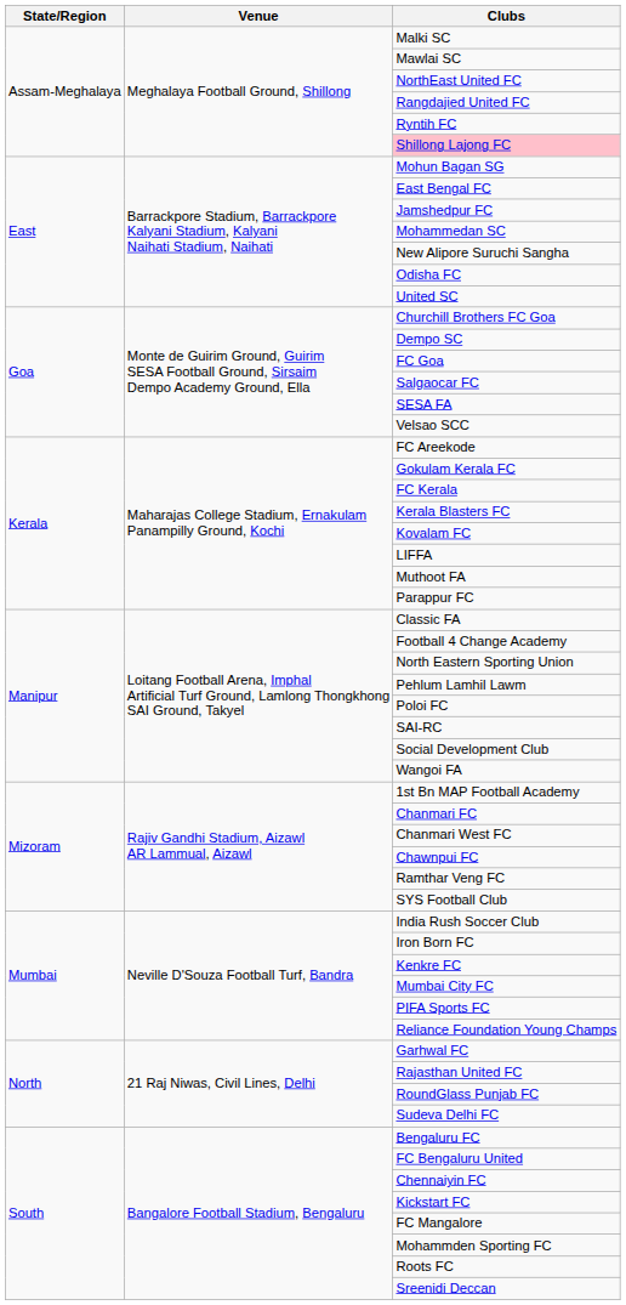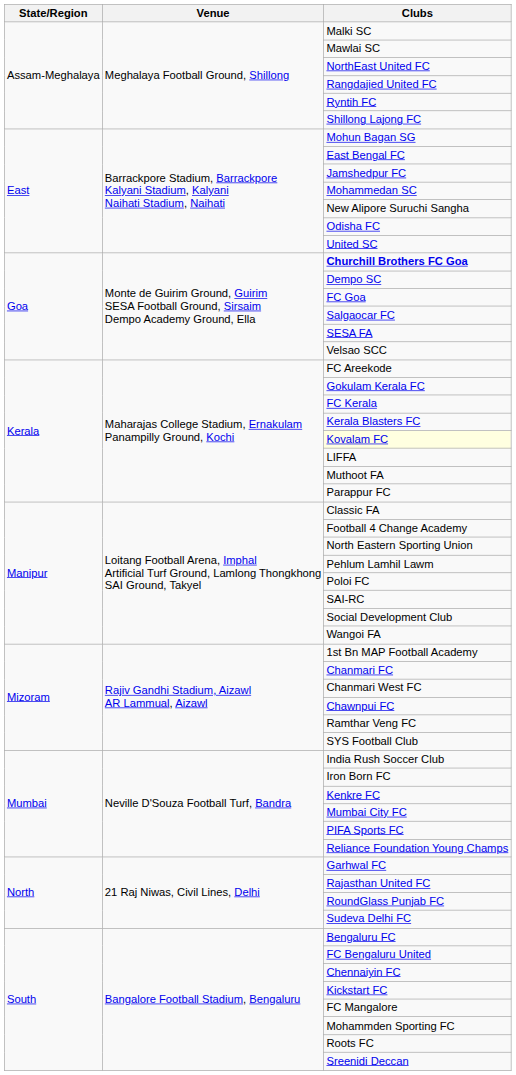 <table class="wikitable sortable">
 <tr>
 <th>State/Region</th>
 <th>Venue</th>
 <th>Clubs</th>
 </tr>
 <tr>
 <td rowspan="6">Assam-Meghalaya</td>
 <td rowspan="6">Meghalaya Football Ground, <a href='#'>Shillong</a></td>
 <td>Malki SC</td>
 </tr>
 <tr>
 <td>Mawlai SC</td>
 </tr>
 <tr>
 <td><a href='#'>NorthEast United FC</a></td>
 </tr>
 <tr>
 <td><a href='#'>Rangdajied United FC</a></td>
 </tr>
 <tr>
 <td><a href='#'>Ryntih FC</a></td>
 </tr>
 <tr>
-<td style="background: pink;"><a href='#'>Shillong Lajong FC</a></td>
+<td><a href='#'>Shillong Lajong FC</a></td>
 </tr>
 <tr>
 <td rowspan="7"><a href='#'>East</a></td>
 <td rowspan="7">Barrackpore Stadium, <a href='#'>Barrackpore</a> <br> <a href='#'>Kalyani Stadium</a>, <a href='#'>Kalyani</a> <br> <a href='#'>Naihati Stadium</a>, <a href='#'>Naihati</a></td>
 <td><a href='#'>Mohun Bagan SG</a></td>
 </tr>
 <tr>
 <td><a href='#'>East Bengal FC</a></td>
 </tr>
 <tr>
 <td><a href='#'>Jamshedpur FC</a></td>
 </tr>
 <tr>
 <td><a href='#'>Mohammedan SC</a></td>
 </tr>
 <tr>
 <td>New Alipore Suruchi Sangha</td>
 </tr>
 <tr>
 <td><a href='#'>Odisha FC</a></td>
 </tr>
 <tr>
 <td><a href='#'>United SC</a></td>
 </tr>
 <tr>
 <td rowspan="6"><a href='#'>Goa</a></td>
 <td rowspan="6">Monte de Guirim Ground, <a href='#'>Guirim</a> <br> SESA Football Ground, <a href='#'>Sirsaim</a> <br> Dempo Academy Ground, Ella</td>
-<td><a href='#'>Churchill Brothers FC Goa</a></td>
+<td><strong><a href='#'>Churchill Brothers FC Goa</a></strong></td>
 </tr>
 <tr>
 <td><a href='#'>Dempo SC</a></td>
 </tr>
 <tr>
 <td><a href='#'>FC Goa</a></td>
 </tr>
 <tr>
 <td><a href='#'>Salgaocar FC</a></td>
 </tr>
 <tr>
 <td><a href='#'>SESA FA</a></td>
 </tr>
 <tr>
 <td>Velsao SCC</td>
 </tr>
 <tr>
 <td rowspan="8"><a href='#'>Kerala</a></td>
 <td rowspan="8">Maharajas College Stadium, <a href='#'>Ernakulam</a> <br> Panampilly Ground, <a href='#'>Kochi</a></td>
 <td>FC Areekode</td>
 </tr>
 <tr>
 <td><a href='#'>Gokulam Kerala FC</a></td>
 </tr>
 <tr>
 <td><a href='#'>FC Kerala</a></td>
 </tr>
 <tr>
 <td><a href='#'>Kerala Blasters FC</a></td>
 </tr>
 <tr>
-<td><a href='#'>Kovalam FC</a></td>
+<td style="background: lightyellow;"><a href='#'>Kovalam FC</a></td>
 </tr>
 <tr>
 <td>LIFFA</td>
 </tr>
 <tr>
 <td>Muthoot FA</td>
 </tr>
 <tr>
 <td>Parappur FC</td>
 </tr>
 <tr>
 <td rowspan="8"><a href='#'>Manipur</a></td>
 <td rowspan="8">Loitang Football Arena, <a href='#'>Imphal</a> <br> Artificial Turf Ground, Lamlong Thongkhong <br> SAI Ground, Takyel</td>
 <td>Classic FA</td>
 </tr>
 <tr>
 <td>Football 4 Change Academy</td>
 </tr>
 <tr>
 <td>North Eastern Sporting Union</td>
 </tr>
 <tr>
 <td>Pehlum Lamhil Lawm</td>
 </tr>
 <tr>
 <td>Poloi FC</td>
 </tr>
 <tr>
 <td>SAI-RC</td>
 </tr>
 <tr>
 <td>Social Development Club</td>
 </tr>
 <tr>
 <td>Wangoi FA</td>
 </tr>
 <tr>
 <td rowspan="6"><a href='#'>Mizoram</a></td>
 <td rowspan="6"><a href='#'>Rajiv Gandhi Stadium, Aizawl</a> <br> <a href='#'>AR Lammual</a>, <a href='#'>Aizawl</a></td>
 <td>1st Bn MAP Football Academy</td>
 </tr>
 <tr>
 <td><a href='#'>Chanmari FC</a></td>
 </tr>
 <tr>
 <td>Chanmari West FC</td>
 </tr>
 <tr>
 <td><a href='#'>Chawnpui FC</a></td>
 </tr>
 <tr>
 <td>Ramthar Veng FC</td>
 </tr>
 <tr>
 <td>SYS Football Club</td>
 </tr>
 <tr>
 <td rowspan="6"><a href='#'>Mumbai</a></td>
 <td rowspan="6">Neville D'Souza Football Turf, <a href='#'>Bandra</a></td>
 <td>India Rush Soccer Club</td>
 </tr>
 <tr>
 <td>Iron Born FC</td>
 </tr>
 <tr>
 <td><a href='#'>Kenkre FC</a></td>
 </tr>
 <tr>
 <td><a href='#'>Mumbai City FC</a></td>
 </tr>
 <tr>
 <td><a href='#'>PIFA Sports FC</a></td>
 </tr>
 <tr>
 <td><a href='#'>Reliance Foundation Young Champs</a></td>
 </tr>
 <tr>
 <td rowspan="4"><a href='#'>North</a></td>
 <td rowspan="4">21 Raj Niwas, Civil Lines, <a href='#'>Delhi</a></td>
 <td><a href='#'>Garhwal FC</a></td>
 </tr>
 <tr>
 <td><a href='#'>Rajasthan United FC</a></td>
 </tr>
 <tr>
 <td><a href='#'>RoundGlass Punjab FC</a></td>
 </tr>
 <tr>
 <td><a href='#'>Sudeva Delhi FC</a></td>
 </tr>
 <tr>
 <td rowspan="8"><a href='#'>South</a></td>
 <td rowspan="8"><a href='#'>Bangalore Football Stadium</a>, <a href='#'>Bengaluru</a></td>
 <td><a href='#'>Bengaluru FC</a></td>
 </tr>
 <tr>
 <td><a href='#'>FC Bengaluru United</a></td>
 </tr>
 <tr>
 <td><a href='#'>Chennaiyin FC</a></td>
 </tr>
 <tr>
 <td><a href='#'>Kickstart FC</a></td>
 </tr>
 <tr>
 <td>FC Mangalore</td>
 </tr>
 <tr>
 <td>Mohammden Sporting FC</td>
 </tr>
 <tr>
 <td>Roots FC</td>
 </tr>
 <tr>
 <td><a href='#'>Sreenidi Deccan</a></td>
 </tr>
 </table>
